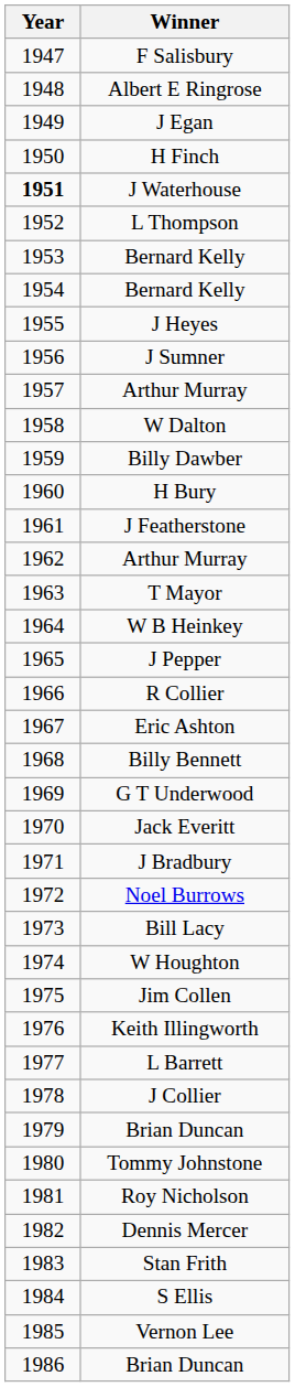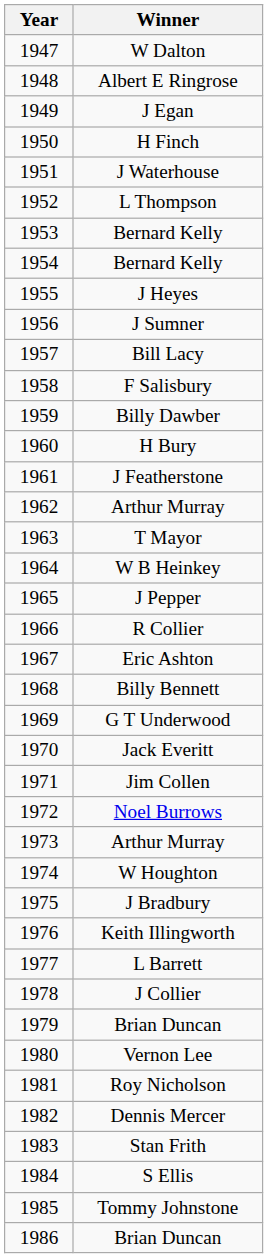 <table class="wikitable" style="text-align:center">
 <tr>
 <th width=50>Year</th>
 <th width=150>Winner</th>
 </tr>
 <tr>
 <td>1947</td>
-<td>F Salisbury</td>
+<td>W Dalton</td>
 </tr>
 <tr>
 <td>1948</td>
 <td>Albert E Ringrose</td>
 </tr>
 <tr>
 <td>1949</td>
 <td>J Egan</td>
 </tr>
 <tr>
 <td>1950</td>
 <td>H Finch</td>
 </tr>
 <tr>
-<td><strong>1951</strong></td>
+<td>1951</td>
 <td>J Waterhouse</td>
 </tr>
 <tr>
 <td>1952</td>
 <td>L Thompson</td>
 </tr>
 <tr>
 <td>1953</td>
 <td>Bernard Kelly</td>
 </tr>
 <tr>
 <td>1954</td>
 <td>Bernard Kelly</td>
 </tr>
 <tr>
 <td>1955</td>
 <td>J Heyes</td>
 </tr>
 <tr>
 <td>1956</td>
 <td>J Sumner</td>
 </tr>
 <tr>
 <td>1957</td>
-<td>Arthur Murray</td>
+<td>Bill Lacy</td>
 </tr>
 <tr>
 <td>1958</td>
-<td>W Dalton</td>
+<td>F Salisbury</td>
 </tr>
 <tr>
 <td>1959</td>
 <td>Billy Dawber</td>
 </tr>
 <tr>
 <td>1960</td>
 <td>H Bury</td>
 </tr>
 <tr>
 <td>1961</td>
 <td>J Featherstone</td>
 </tr>
 <tr>
 <td>1962</td>
 <td>Arthur Murray</td>
 </tr>
 <tr>
 <td>1963</td>
 <td>T Mayor</td>
 </tr>
 <tr>
 <td>1964</td>
 <td>W B Heinkey</td>
 </tr>
 <tr>
 <td>1965</td>
 <td>J Pepper</td>
 </tr>
 <tr>
 <td>1966</td>
 <td>R Collier</td>
 </tr>
 <tr>
 <td>1967</td>
 <td>Eric Ashton</td>
 </tr>
 <tr>
 <td>1968</td>
 <td>Billy Bennett</td>
 </tr>
 <tr>
 <td>1969</td>
 <td>G T Underwood</td>
 </tr>
 <tr>
 <td>1970</td>
 <td>Jack Everitt</td>
 </tr>
 <tr>
 <td>1971</td>
-<td>J Bradbury</td>
+<td>Jim Collen</td>
 </tr>
 <tr>
 <td>1972</td>
 <td><a href='#'>Noel Burrows</a></td>
 </tr>
 <tr>
 <td>1973</td>
-<td>Bill Lacy</td>
+<td>Arthur Murray</td>
 </tr>
 <tr>
 <td>1974</td>
 <td>W Houghton</td>
 </tr>
 <tr>
 <td>1975</td>
-<td>Jim Collen</td>
+<td>J Bradbury</td>
 </tr>
 <tr>
 <td>1976</td>
 <td>Keith Illingworth</td>
 </tr>
 <tr>
 <td>1977</td>
 <td>L Barrett</td>
 </tr>
 <tr>
 <td>1978</td>
 <td>J Collier</td>
 </tr>
 <tr>
 <td>1979</td>
 <td>Brian Duncan</td>
 </tr>
 <tr>
 <td>1980</td>
-<td>Tommy Johnstone</td>
+<td>Vernon Lee</td>
 </tr>
 <tr>
 <td>1981</td>
 <td>Roy Nicholson</td>
 </tr>
 <tr>
 <td>1982</td>
 <td>Dennis Mercer</td>
 </tr>
 <tr>
 <td>1983</td>
 <td>Stan Frith</td>
 </tr>
 <tr>
 <td>1984</td>
 <td>S Ellis</td>
 </tr>
 <tr>
 <td>1985</td>
-<td>Vernon Lee</td>
+<td>Tommy Johnstone</td>
 </tr>
 <tr>
 <td>1986</td>
 <td>Brian Duncan</td>
 </tr>
 </table>
